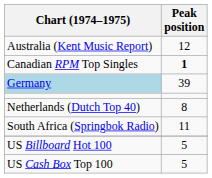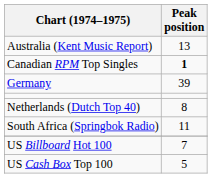 <table class="wikitable sortable">
 <tr>
 <th>Chart (1974–1975)</th>
 <th>Peak<br>position</th>
 </tr>
 <tr>
 <td>Australia (<a href='#'>Kent Music Report</a>)</td>
-<td style="text-align:center;">12</td>
+<td style="text-align:center;">13</td>
 </tr>
 <tr>
 <td>Canadian <em><a href='#'>RPM</a></em> Top Singles</td>
 <td style="text-align:center;"><strong>1</strong></td>
 </tr>
 <tr>
-<td style="background: lightblue;"><a href='#'>Germany</a></td>
+<td><a href='#'>Germany</a></td>
 <td style="text-align:center;">39</td>
 </tr>
 <tr>
 <td></td>
 </tr>
 <tr>
 <td>Netherlands (<a href='#'>Dutch Top 40</a>)</td>
 <td style="text-align:center;">8</td>
 </tr>
 <tr>
 <td>South Africa (<a href='#'>Springbok Radio</a>)</td>
 <td align="center">11</td>
 </tr>
 <tr>
 </tr>
 <tr>
 <td>US <em><a href='#'>Billboard</a></em> <a href='#'>Hot 100</a></td>
-<td style="text-align:center;">5</td>
+<td style="text-align:center;">7</td>
 </tr>
 <tr>
 <td>US <em><a href='#'>Cash Box</a></em> Top 100</td>
 <td style="text-align:center;">5</td>
 </tr>
 </table>
